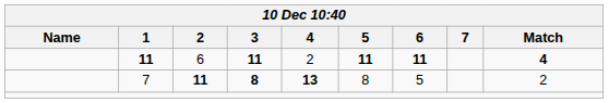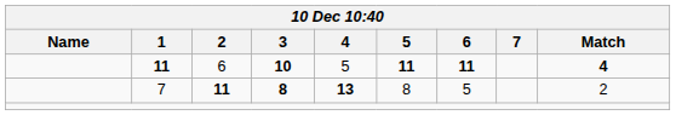 <table class=wikitable style="text-align:center; width: 55%">
 <tr>
 <th colspan=17><em> 10 Dec 10:40</em></th>
 </tr>
 <tr>
 <th>Name</th>
 <th>1</th>
 <th>2</th>
 <th>3</th>
 <th>4</th>
 <th>5</th>
 <th>6</th>
 <th>7</th>
 <th>Match</th>
 </tr>
 <tr>
 <td style="text-align:left;"><strong></strong></td>
 <td><strong>11</strong></td>
 <td>6</td>
-<td><strong>11</strong></td>
-<td>2</td>
+<td><strong>10</strong></td>
+<td>5</td>
 <td><strong>11</strong></td>
 <td><strong>11</strong></td>
 <td></td>
 <td><strong>4</strong></td>
 </tr>
 <tr>
 <td style="text-align:left;"></td>
 <td>7</td>
 <td><strong>11</strong></td>
 <td><strong>8</strong></td>
 <td><strong>13</strong></td>
 <td>8</td>
 <td>5</td>
 <td></td>
 <td>2</td>
 </tr>
 <tr>
 <td colspan=17></td>
 </tr>
 </table>
